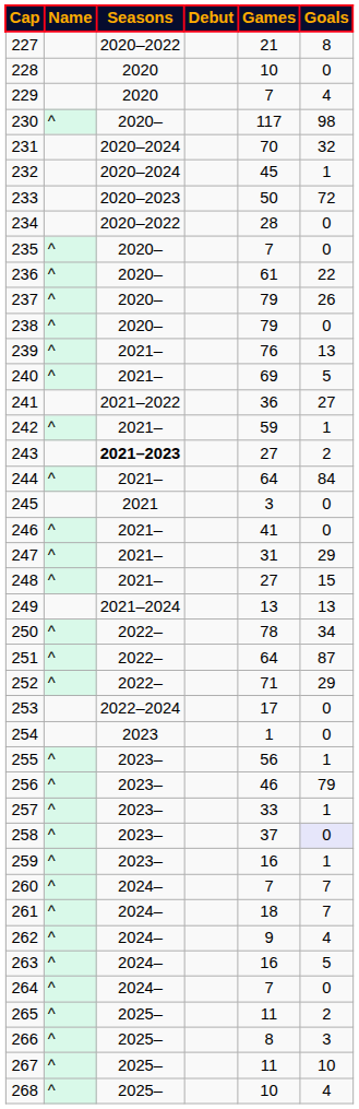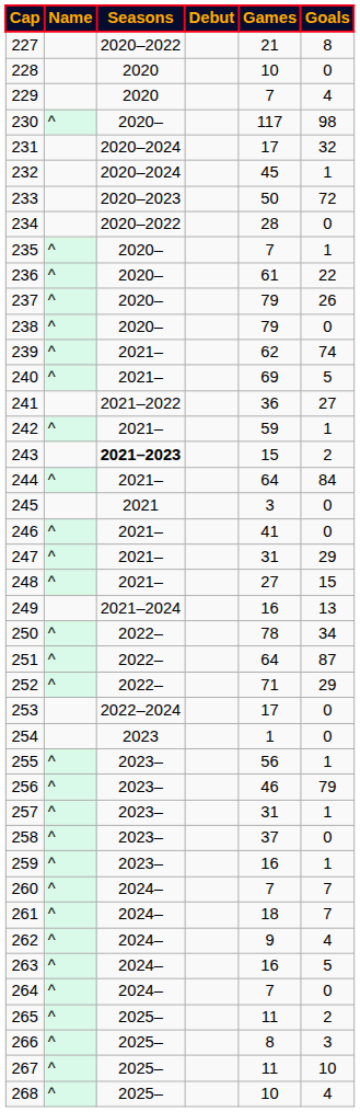 <table class="wikitable sortable" style="text-align:center">
 <tr>
 <th style="background:#060C2E; color: #FFAC00; border: solid #FF0018 2px;">Cap</th>
 <th style="background:#060C2E; color: #FFAC00; border: solid #FF0018 2px;">Name</th>
 <th style="background:#060C2E; color: #FFAC00; border: solid #FF0018 2px;">Seasons</th>
 <th style="background:#060C2E; color: #FFAC00; border: solid #FF0018 2px;">Debut</th>
 <th style="background:#060C2E; color: #FFAC00; border: solid #FF0018 2px;">Games</th>
 <th style="background:#060C2E; color: #FFAC00; border: solid #FF0018 2px;">Goals</th>
 </tr>
 <tr>
 <td>227</td>
 <td align=left></td>
 <td>2020–2022</td>
 <td></td>
 <td>21</td>
 <td>8</td>
 </tr>
 <tr>
 <td>228</td>
 <td align=left></td>
 <td>2020</td>
 <td></td>
 <td>10</td>
 <td>0</td>
 </tr>
 <tr>
 <td>229</td>
 <td align=left></td>
 <td>2020</td>
 <td></td>
 <td>7</td>
 <td>4</td>
 </tr>
 <tr>
 <td>230</td>
 <td style="text-align:left; background:#d9f9e9">^</td>
 <td>2020–</td>
 <td></td>
 <td>117</td>
 <td>98</td>
 </tr>
 <tr>
 <td>231</td>
 <td align=left></td>
 <td>2020–2024</td>
 <td></td>
-<td>70</td>
+<td>17</td>
 <td>32</td>
 </tr>
 <tr>
 <td>232</td>
 <td align=left></td>
 <td>2020–2024</td>
 <td></td>
 <td>45</td>
 <td>1</td>
 </tr>
 <tr>
 <td>233</td>
 <td align=left></td>
 <td>2020–2023</td>
 <td></td>
 <td>50</td>
 <td>72</td>
 </tr>
 <tr>
 <td>234</td>
 <td align=left></td>
 <td>2020–2022</td>
 <td></td>
 <td>28</td>
 <td>0</td>
 </tr>
 <tr>
 <td>235</td>
 <td style="text-align:left; background:#d9f9e9">^</td>
 <td>2020–</td>
 <td></td>
 <td>7</td>
-<td>0</td>
+<td>1</td>
 </tr>
 <tr>
 <td>236</td>
 <td style="text-align:left; background:#d9f9e9">^</td>
 <td>2020–</td>
 <td></td>
 <td>61</td>
 <td>22</td>
 </tr>
 <tr>
 <td>237</td>
 <td style="text-align:left; background:#d9f9e9">^</td>
 <td>2020–</td>
 <td></td>
 <td>79</td>
 <td>26</td>
 </tr>
 <tr>
 <td>238</td>
 <td style="text-align:left; background:#d9f9e9">^</td>
 <td>2020–</td>
 <td></td>
 <td>79</td>
 <td>0</td>
 </tr>
 <tr>
 <td>239</td>
 <td style="text-align:left; background:#d9f9e9">^</td>
 <td>2021–</td>
 <td></td>
-<td>76</td>
-<td>13</td>
+<td>62</td>
+<td>74</td>
 </tr>
 <tr>
 <td>240</td>
 <td style="text-align:left; background:#d9f9e9">^</td>
 <td>2021–</td>
 <td></td>
 <td>69</td>
 <td>5</td>
 </tr>
 <tr>
 <td>241</td>
 <td align=left></td>
 <td>2021–2022</td>
 <td></td>
 <td>36</td>
 <td>27</td>
 </tr>
 <tr>
 <td>242</td>
 <td style="text-align:left; background:#d9f9e9">^</td>
 <td>2021–</td>
 <td></td>
 <td>59</td>
 <td>1</td>
 </tr>
 <tr>
 <td>243</td>
 <td align=left></td>
 <td><strong>2021–2023</strong></td>
 <td></td>
-<td>27</td>
+<td>15</td>
 <td>2</td>
 </tr>
 <tr>
 <td>244</td>
 <td style="text-align:left; background:#d9f9e9">^</td>
 <td>2021–</td>
 <td></td>
 <td>64</td>
 <td>84</td>
 </tr>
 <tr>
 <td>245</td>
 <td align=left></td>
 <td>2021</td>
 <td></td>
 <td>3</td>
 <td>0</td>
 </tr>
 <tr>
 <td>246</td>
 <td style="text-align:left; background:#d9f9e9">^</td>
 <td>2021–</td>
 <td></td>
 <td>41</td>
 <td>0</td>
 </tr>
 <tr>
 <td>247</td>
 <td style="text-align:left; background:#d9f9e9">^</td>
 <td>2021–</td>
 <td></td>
 <td>31</td>
 <td>29</td>
 </tr>
 <tr>
 <td>248</td>
 <td style="text-align:left; background:#d9f9e9">^</td>
 <td>2021–</td>
 <td></td>
 <td>27</td>
 <td>15</td>
 </tr>
 <tr>
 <td>249</td>
 <td align=left></td>
 <td>2021–2024</td>
 <td></td>
-<td>13</td>
+<td>16</td>
 <td>13</td>
 </tr>
 <tr>
 <td>250</td>
 <td style="text-align:left; background:#d9f9e9">^</td>
 <td>2022–</td>
 <td></td>
 <td>78</td>
 <td>34</td>
 </tr>
 <tr>
 <td>251</td>
 <td style="text-align:left; background:#d9f9e9">^</td>
 <td>2022–</td>
 <td></td>
 <td>64</td>
 <td>87</td>
 </tr>
 <tr>
 <td>252</td>
 <td style="text-align:left; background:#d9f9e9">^</td>
 <td>2022–</td>
 <td></td>
 <td>71</td>
 <td>29</td>
 </tr>
 <tr>
 <td>253</td>
 <td style="text-align:left"></td>
 <td>2022–2024</td>
 <td></td>
 <td>17</td>
 <td>0</td>
 </tr>
 <tr>
 <td>254</td>
 <td align=left></td>
 <td>2023</td>
 <td></td>
 <td>1</td>
 <td>0</td>
 </tr>
 <tr>
 <td>255</td>
 <td style="text-align:left; background:#d9f9e9">^</td>
 <td>2023–</td>
 <td></td>
 <td>56</td>
 <td>1</td>
 </tr>
 <tr>
 <td>256</td>
 <td style="text-align:left; background:#d9f9e9">^</td>
 <td>2023–</td>
 <td></td>
 <td>46</td>
 <td>79</td>
 </tr>
 <tr>
 <td>257</td>
 <td style="text-align:left; background:#d9f9e9">^</td>
 <td>2023–</td>
 <td></td>
-<td>33</td>
+<td>31</td>
 <td>1</td>
 </tr>
 <tr>
 <td>258</td>
 <td style="text-align:left; background:#d9f9e9">^</td>
 <td>2023–</td>
 <td></td>
 <td>37</td>
-<td style="background: lavender;">0</td>
+<td>0</td>
 </tr>
 <tr>
 <td>259</td>
 <td style="text-align:left; background:#d9f9e9">^</td>
 <td>2023–</td>
 <td></td>
 <td>16</td>
 <td>1</td>
 </tr>
 <tr>
 <td>260</td>
 <td style="text-align:left; background:#d9f9e9">^</td>
 <td>2024–</td>
 <td></td>
 <td>7</td>
 <td>7</td>
 </tr>
 <tr>
 <td>261</td>
 <td style="text-align:left; background:#d9f9e9">^</td>
 <td>2024–</td>
 <td></td>
 <td>18</td>
 <td>7</td>
 </tr>
 <tr>
 <td>262</td>
 <td style="text-align:left; background:#d9f9e9">^</td>
 <td>2024–</td>
 <td></td>
 <td>9</td>
 <td>4</td>
 </tr>
 <tr>
 <td>263</td>
 <td style="text-align:left; background:#d9f9e9">^</td>
 <td>2024–</td>
 <td></td>
 <td>16</td>
 <td>5</td>
 </tr>
 <tr>
 <td>264</td>
 <td style="text-align:left; background:#d9f9e9">^</td>
 <td>2024–</td>
 <td></td>
 <td>7</td>
 <td>0</td>
 </tr>
 <tr>
 <td>265</td>
 <td style="text-align:left; background:#d9f9e9">^</td>
 <td>2025–</td>
 <td></td>
 <td>11</td>
 <td>2</td>
 </tr>
 <tr>
 <td>266</td>
 <td style="text-align:left; background:#d9f9e9">^</td>
 <td>2025–</td>
 <td></td>
 <td>8</td>
 <td>3</td>
 </tr>
 <tr>
 <td>267</td>
 <td style="text-align:left; background:#d9f9e9">^</td>
 <td>2025–</td>
 <td></td>
 <td>11</td>
 <td>10</td>
 </tr>
 <tr>
 <td>268</td>
 <td style="text-align:left; background:#d9f9e9">^</td>
 <td>2025–</td>
 <td></td>
 <td>10</td>
 <td>4</td>
 </tr>
 </table>
